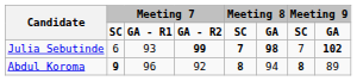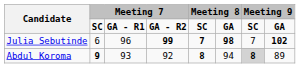 <table class="wikitable" style="text-align:center;">
 <tr>
 <th rowspan=2>Candidate</th>
 <td style="background:silver;" colspan=3><strong>Meeting 7</strong></td>
 <td style="background:silver;" colspan=2><strong>Meeting 8</strong></td>
 <td style="background:silver;" colspan=2><strong>Meeting 9</strong></td>
 </tr>
 <tr>
 <td><strong>SC</strong></td>
 <td><strong>GA - R1</strong></td>
 <td><strong>GA - R2</strong></td>
 <td><strong>SC</strong></td>
 <td><strong>GA</strong></td>
 <td><strong>SC</strong></td>
 <td><strong>GA</strong></td>
 </tr>
 <tr>
 <td style="text-align:left;"> <a href='#'>Julia Sebutinde</a></td>
 <td>6</td>
-<td>93</td>
+<td>96</td>
 <td><strong>99</strong></td>
 <td><strong>7</strong></td>
 <td><strong>98</strong></td>
 <td>7</td>
 <td><strong>102</strong></td>
 </tr>
 <tr>
 <td style="text-align:left;"> <a href='#'>Abdul Koroma</a></td>
 <td><strong>9</strong></td>
-<td>96</td>
+<td>93</td>
 <td>92</td>
 <td><strong>8</strong></td>
 <td>94</td>
-<td><strong>8</strong></td>
+<td style="background: lightgrey;"><strong>8</strong></td>
 <td>89</td>
 </tr>
 </table>
